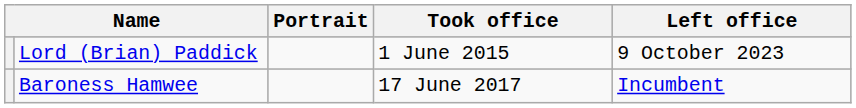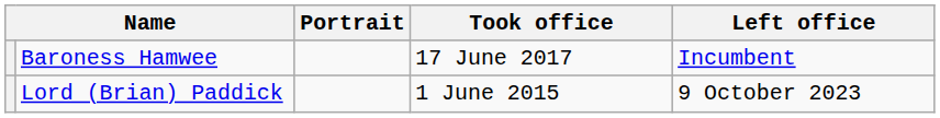 <table class="wikitable">
 <tr>
 <th colspan=2>Name</th>
 <th>Portrait</th>
 <th width=150>Took office</th>
 <th width=150>Left office</th>
 </tr>
 <tr>
 <th style="background-color: "></th>
+<td width=160><a href='#'>Baroness Hamwee</a></td>
+<td></td>
+<td>17 June 2017</td>
+<td><a href='#'>Incumbent</a></td>
+</tr>
+<tr>
+<th style="background-color: "></th>
 <td width=160><a href='#'>Lord (Brian) Paddick</a></td>
 <td></td>
 <td>1 June 2015</td>
 <td>9 October 2023</td>
 </tr>
-<tr>
-<th style="background-color: "></th>
-<td width=160><a href='#'>Baroness Hamwee</a></td>
-<td></td>
-<td>17 June 2017</td>
-<td><a href='#'>Incumbent</a></td>
-</tr>
 </table>
